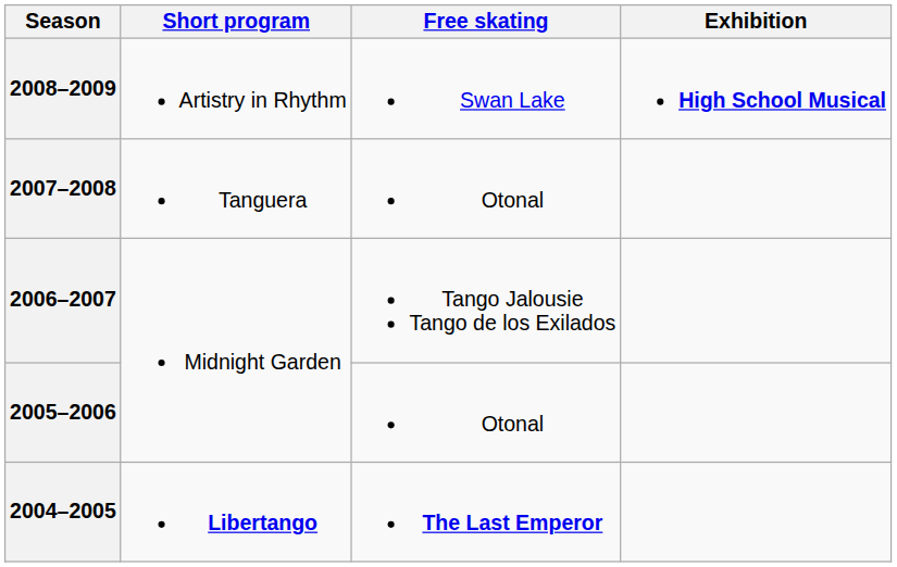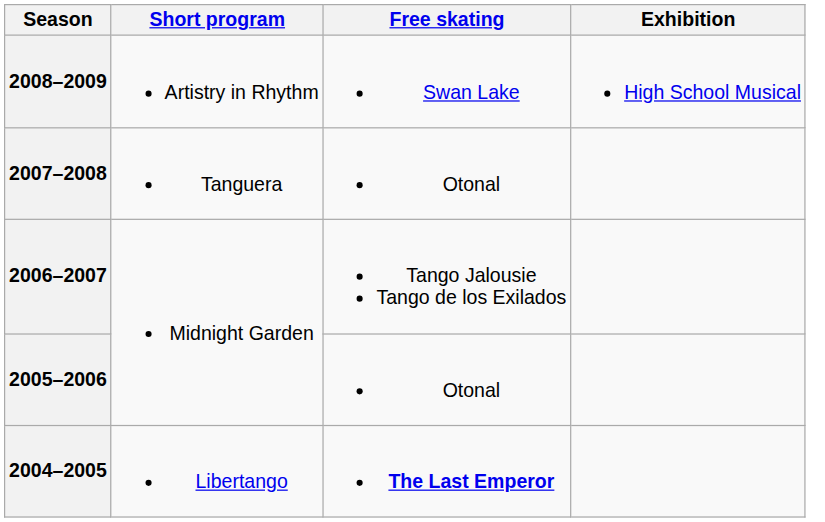 <table class="wikitable" style="text-align:center">
 <tr>
 <th>Season</th>
 <th><a href='#'>Short program</a></th>
 <th><a href='#'>Free skating</a></th>
 <th>Exhibition</th>
 </tr>
 <tr>
 <th>2008–2009 <br> </th>
 <td><br><ul><li>Artistry in Rhythm <br></li></ul></td>
 <td><br><ul><li><a href='#'>Swan Lake</a> <br></li></ul></td>
-<td><strong><br><ul><li><a href='#'>High School Musical</a></li></ul></strong></td>
+<td><br><ul><li><a href='#'>High School Musical</a></li></ul></td>
 </tr>
 <tr>
 <th>2007–2008 <br> </th>
 <td><br><ul><li>Tanguera <br></li></ul></td>
 <td><br><ul><li>Otonal <br></li></ul></td>
 <td></td>
 </tr>
 <tr>
 <th>2006–2007 <br> </th>
 <td rowspan=2><br><ul><li>Midnight Garden <br></li></ul></td>
 <td><br><ul><li>Tango Jalousie <br></li><li>Tango de los Exilados <br></li></ul></td>
 <td></td>
 </tr>
 <tr>
 <th>2005–2006 <br> </th>
 <td><br><ul><li>Otonal <br></li></ul></td>
 <td></td>
 </tr>
 <tr>
 <th>2004–2005 <br> </th>
-<td><strong><br><ul><li><a href='#'>Libertango</a> <br></li></ul></strong></td>
+<td><br><ul><li><a href='#'>Libertango</a> <br></li></ul></td>
 <td><strong><br><ul><li><a href='#'>The Last Emperor</a> <br></li></ul></strong></td>
 <td></td>
 </tr>
 </table>
